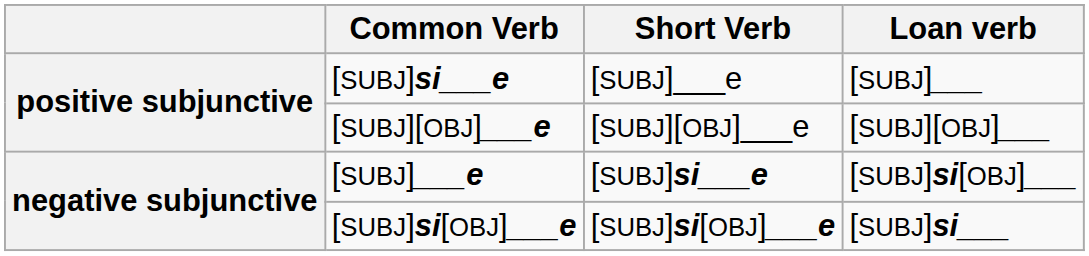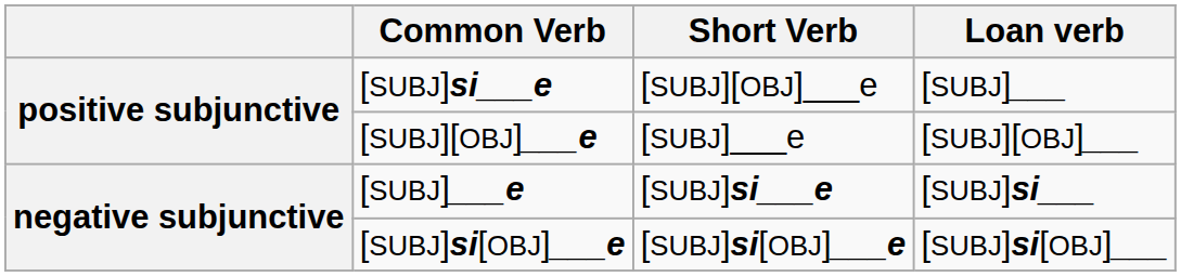 <table class="wikitable">
 <tr>
 <th></th>
 <th>Common Verb</th>
 <th>Short Verb</th>
 <th>Loan verb</th>
 </tr>
 <tr>
 <th rowspan="2">positive subjunctive</th>
 <td>[<small>SUBJ</small>]<strong><em>si___e</em></strong></td>
-<td>[<small>SUBJ</small>]</em>___</strong>e</em></strong></td>
+<td>[<small>SUBJ</small>][<small>OBJ</small>]</em>___</strong>e</em></strong></td>
 <td>[<small>SUBJ</small>]<em>___</em></td>
 </tr>
 <tr>
 <td>[<small>SUBJ</small>][<small>OBJ</small>]<em>___<strong>e<strong><em></td>
-<td>[<small>SUBJ</small>][<small>OBJ</small>]</em>___</strong>e</em></strong></td>
+<td>[<small>SUBJ</small>]</em>___</strong>e</em></strong></td>
 <td>[<small>SUBJ</small>][<small>OBJ</small>]<em>___</em></td>
 </tr>
 <tr>
 <th rowspan="2">negative subjunctive</th>
 <td>[<small>SUBJ</small>]<em>___<strong>e<strong><em></td>
 <td>[<small>SUBJ</small>]<strong><em>si___e</em></strong></td>
-<td>[<small>SUBJ</small>]<strong><em>si</em></strong>[<small>OBJ</small>]<strong><em>___</em></strong></td>
+<td>[<small>SUBJ</small>]<strong><em>si___</em></strong></td>
 </tr>
 <tr>
 <td>[<small>SUBJ</small>]<strong><em>si</em></strong>[<small>OBJ</small>]<strong><em>___e</em></strong></td>
 <td>[<small>SUBJ</small>]<strong><em>si</em></strong>[<small>OBJ</small>]<strong><em>___e</em></strong></td>
-<td>[<small>SUBJ</small>]<strong><em>si___</em></strong></td>
+<td>[<small>SUBJ</small>]<strong><em>si</em></strong>[<small>OBJ</small>]<strong><em>___</em></strong></td>
 </tr>
 </table>
